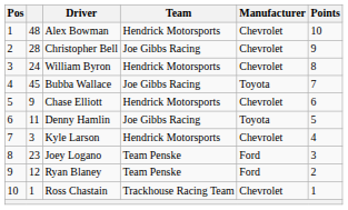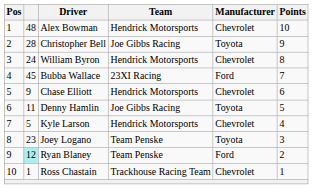 <table class="wikitable" style="font-size:98%">
 <tr>
 <th>Pos</th>
 <th></th>
 <th>Driver</th>
 <th>Team</th>
 <th>Manufacturer</th>
 <th>Points</th>
 </tr>
 <tr>
 <td>1</td>
 <td>48</td>
 <td>Alex Bowman</td>
 <td>Hendrick Motorsports</td>
 <td>Chevrolet</td>
 <td>10</td>
 </tr>
 <tr>
 <td>2</td>
 <td>28</td>
 <td>Christopher Bell</td>
 <td>Joe Gibbs Racing</td>
-<td>Chevrolet</td>
+<td>Toyota</td>
 <td>9</td>
 </tr>
 <tr>
 <td>3</td>
 <td>24</td>
 <td>William Byron</td>
 <td>Hendrick Motorsports</td>
 <td>Chevrolet</td>
 <td>8</td>
 </tr>
 <tr>
 <td>4</td>
 <td>45</td>
 <td>Bubba Wallace</td>
-<td>Joe Gibbs Racing</td>
-<td>Toyota</td>
+<td>23XI Racing</td>
+<td>Ford</td>
 <td>7</td>
 </tr>
 <tr>
 <td>5</td>
 <td>9</td>
 <td>Chase Elliott</td>
 <td>Hendrick Motorsports</td>
 <td>Chevrolet</td>
 <td>6</td>
 </tr>
 <tr>
 <td>6</td>
 <td>11</td>
 <td>Denny Hamlin</td>
 <td>Joe Gibbs Racing</td>
 <td>Toyota</td>
 <td>5</td>
 </tr>
 <tr>
 <td>7</td>
-<td>3</td>
+<td>5</td>
 <td>Kyle Larson</td>
 <td>Hendrick Motorsports</td>
 <td>Chevrolet</td>
 <td>4</td>
 </tr>
 <tr>
 <td>8</td>
 <td>23</td>
 <td>Joey Logano</td>
 <td>Team Penske</td>
-<td>Ford</td>
+<td>Toyota</td>
 <td>3</td>
 </tr>
 <tr>
 <td>9</td>
-<td>12</td>
+<td style="background: paleturquoise;">12</td>
 <td>Ryan Blaney</td>
 <td>Team Penske</td>
 <td>Ford</td>
 <td>2</td>
 </tr>
 <tr>
 <td>10</td>
 <td>1</td>
 <td>Ross Chastain</td>
 <td>Trackhouse Racing Team</td>
 <td>Chevrolet</td>
 <td>1</td>
 </tr>
 <tr>
 <th colspan="6"></th>
 </tr>
 </table>
